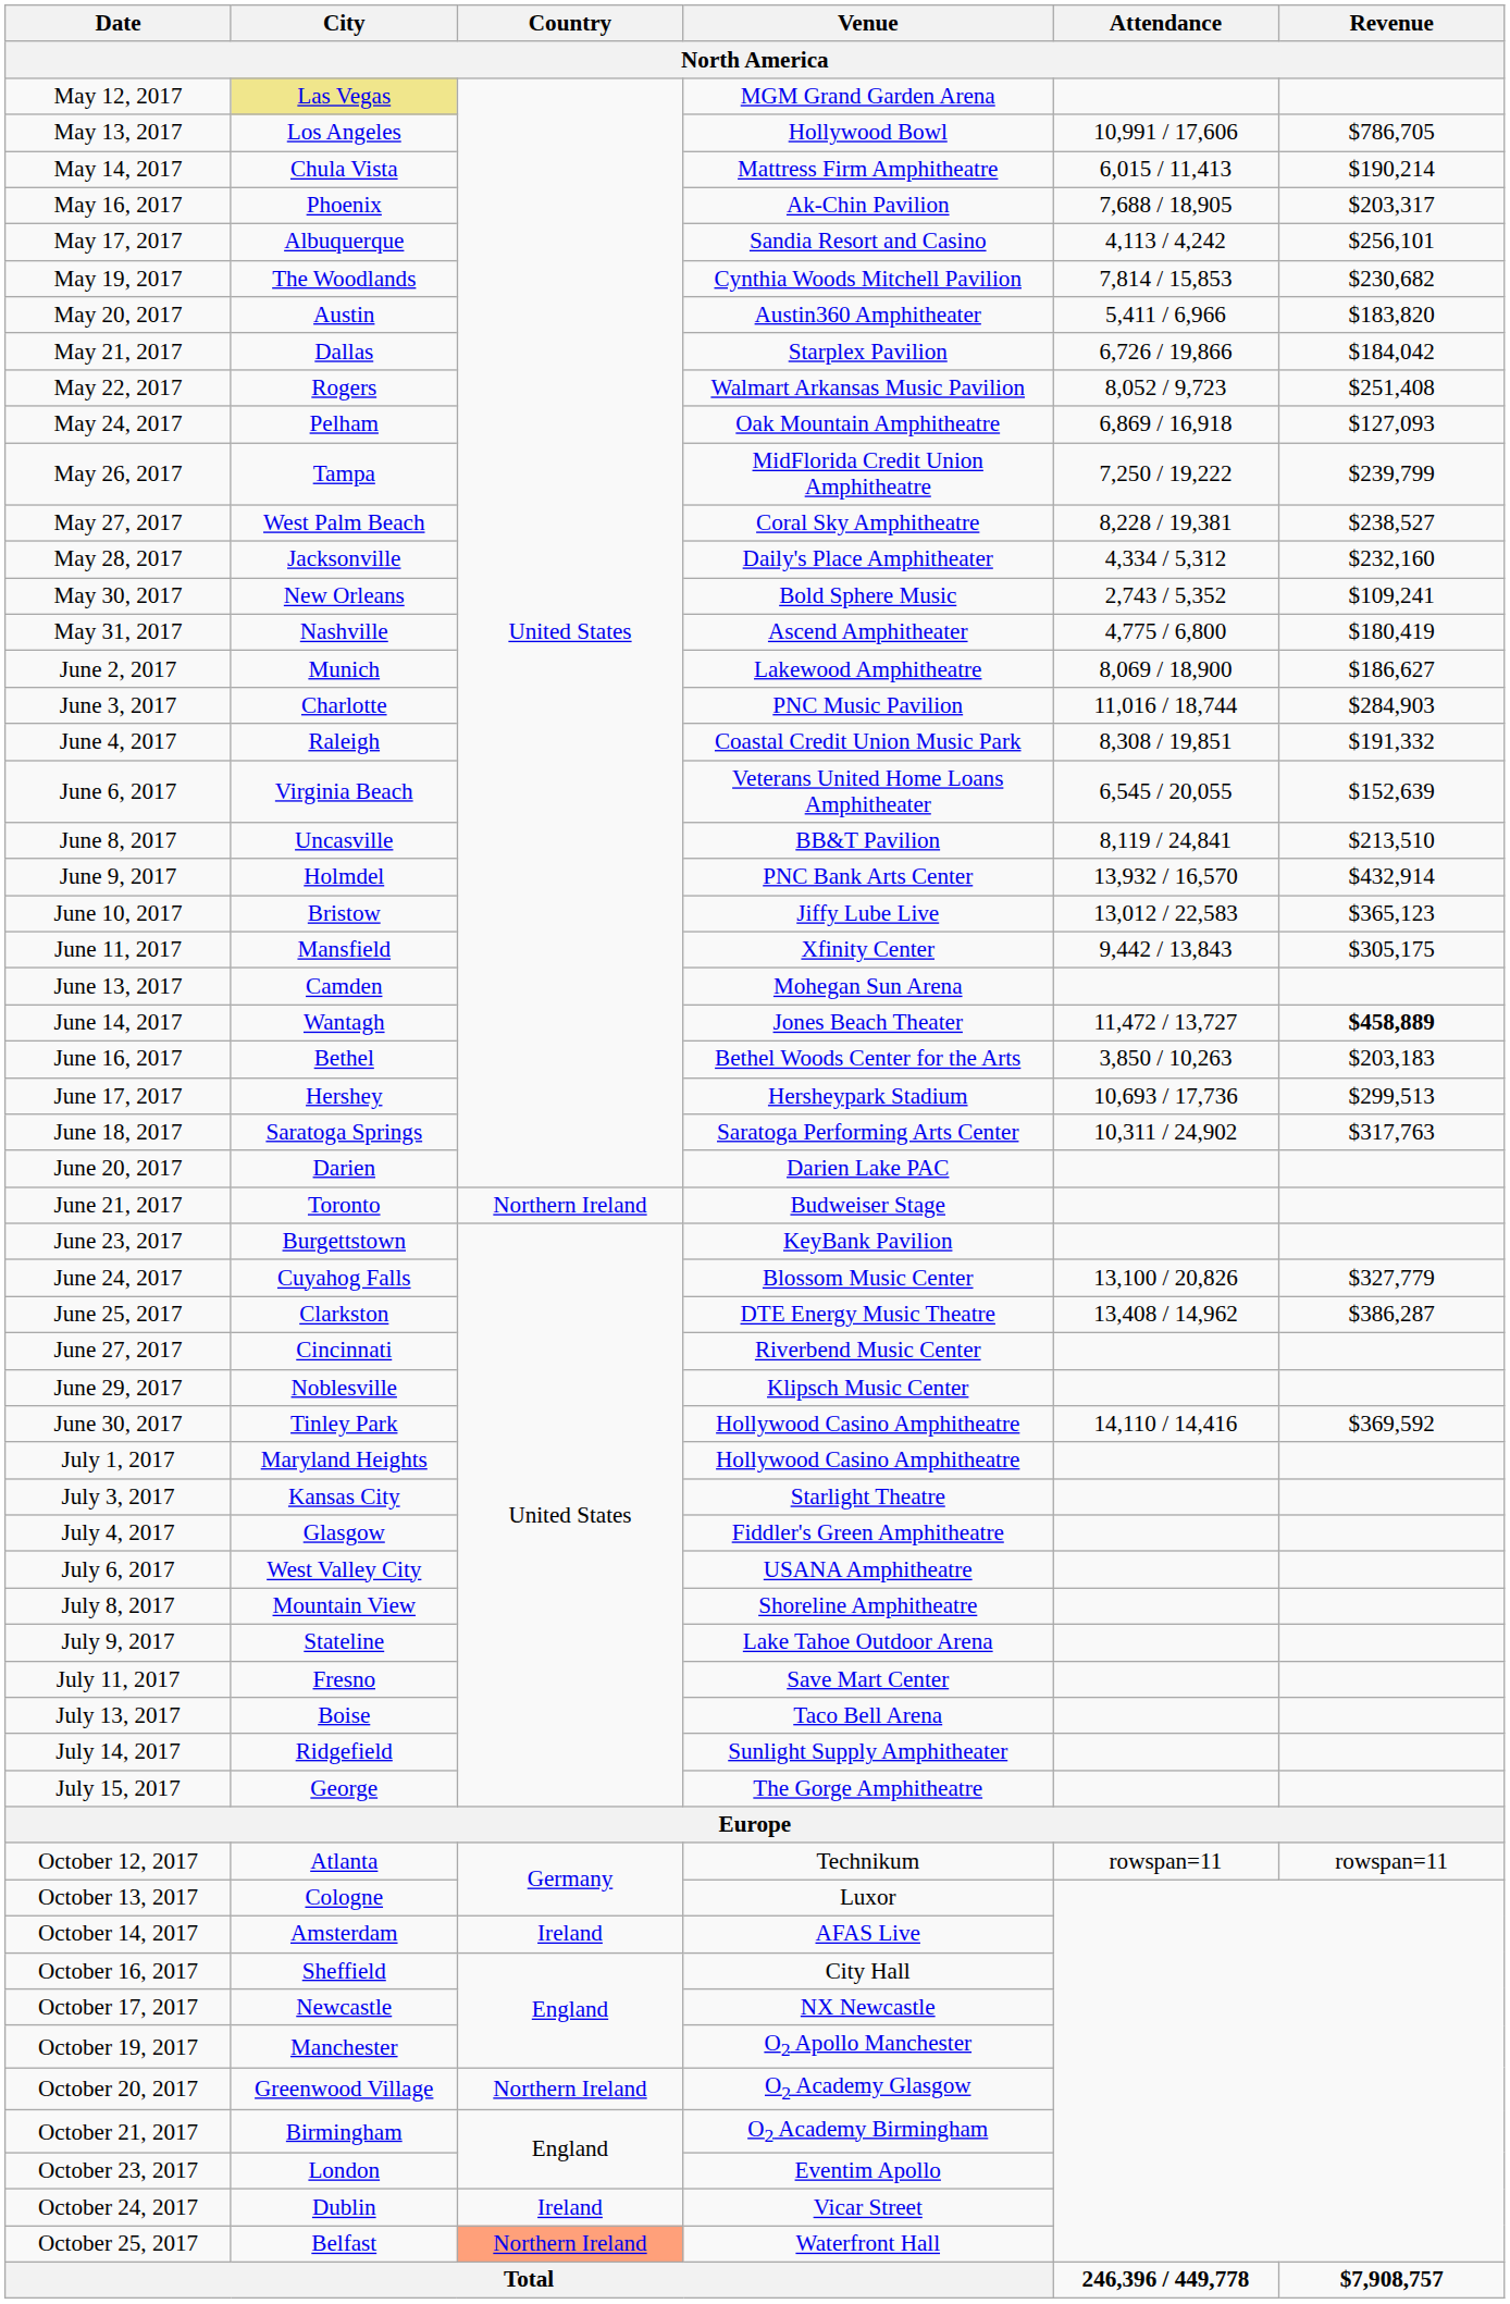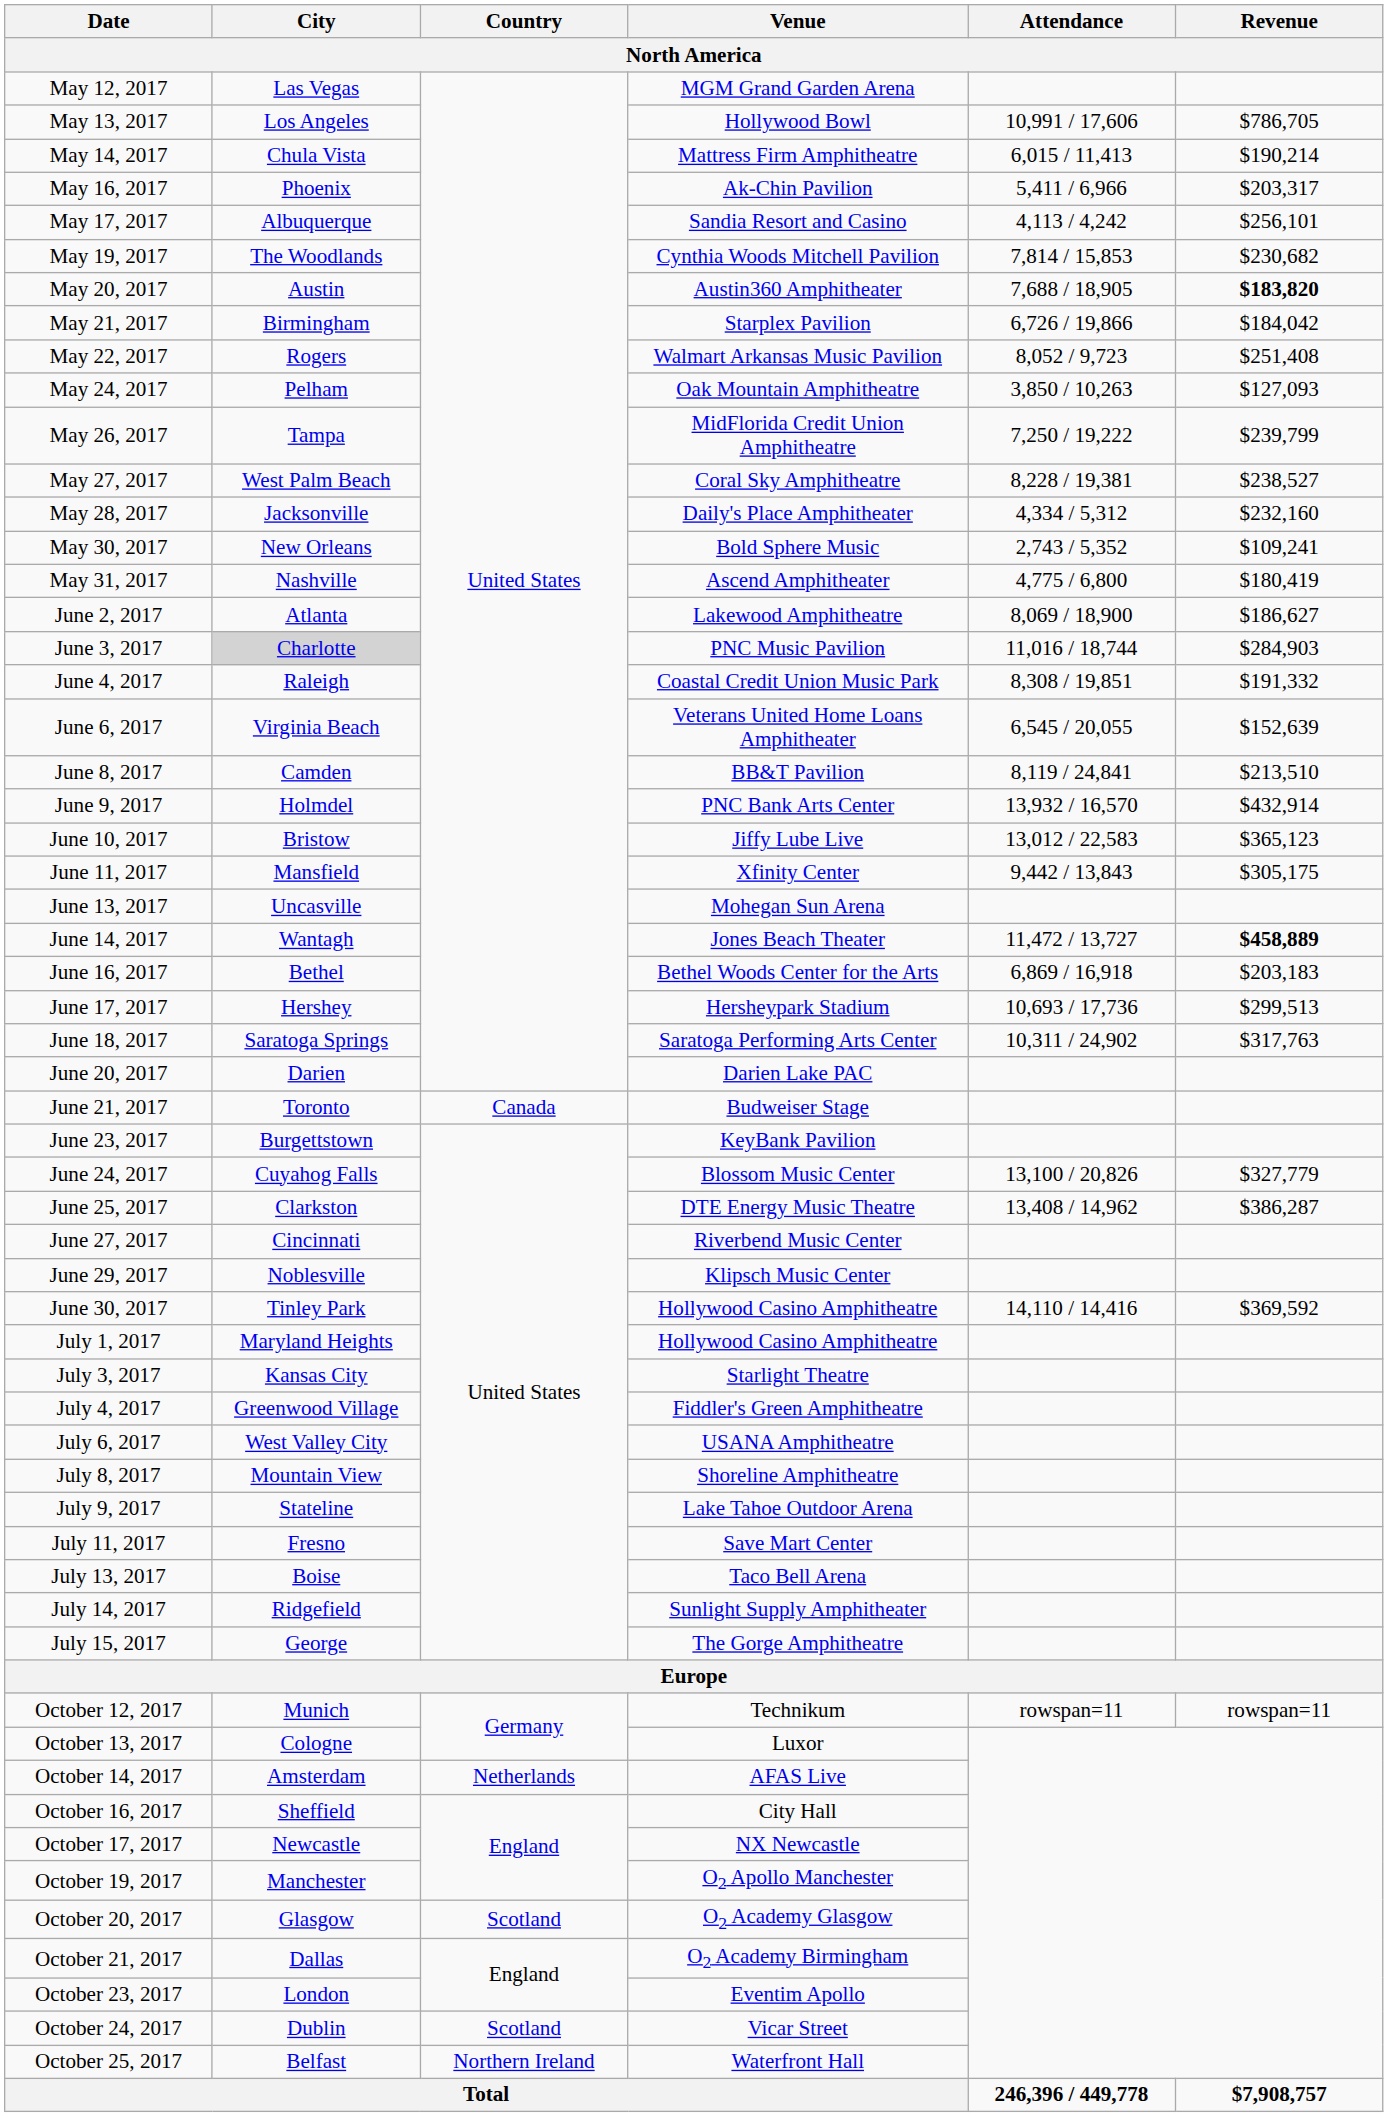 <table class="wikitable" style="text-align:center">
 <tr>
 <th style="width:150px;">Date</th>
 <th style="width:150px;">City</th>
 <th style="width:150px;">Country</th>
 <th style="width:250px;">Venue</th>
 <th style="width:150px;">Attendance</th>
 <th style="width:150px;">Revenue</th>
 </tr>
 <tr>
 <th colspan="6">North America</th>
 </tr>
 <tr>
 <td>May 12, 2017</td>
-<td style="background: khaki;"><a href='#'>Las Vegas</a></td>
+<td><a href='#'>Las Vegas</a></td>
 <td rowspan="29"><a href='#'>United States</a></td>
 <td><a href='#'>MGM Grand Garden Arena</a></td>
 <td></td>
 <td></td>
 </tr>
 <tr>
 <td>May 13, 2017</td>
 <td><a href='#'>Los Angeles</a></td>
 <td><a href='#'>Hollywood Bowl</a></td>
 <td>10,991 / 17,606</td>
 <td>$786,705</td>
 </tr>
 <tr>
 <td>May 14, 2017</td>
 <td><a href='#'>Chula Vista</a></td>
 <td><a href='#'>Mattress Firm Amphitheatre</a></td>
 <td>6,015 / 11,413</td>
 <td>$190,214</td>
 </tr>
 <tr>
 <td>May 16, 2017</td>
 <td><a href='#'>Phoenix</a></td>
 <td><a href='#'>Ak-Chin Pavilion</a></td>
-<td>7,688 / 18,905</td>
+<td>5,411 / 6,966</td>
 <td>$203,317</td>
 </tr>
 <tr>
 <td>May 17, 2017</td>
 <td><a href='#'>Albuquerque</a></td>
 <td><a href='#'>Sandia Resort and Casino</a></td>
 <td>4,113 / 4,242</td>
 <td>$256,101</td>
 </tr>
 <tr>
 <td>May 19, 2017</td>
 <td><a href='#'>The Woodlands</a></td>
 <td><a href='#'>Cynthia Woods Mitchell Pavilion</a></td>
 <td>7,814 / 15,853</td>
 <td>$230,682</td>
 </tr>
 <tr>
 <td>May 20, 2017</td>
 <td><a href='#'>Austin</a></td>
 <td><a href='#'>Austin360 Amphitheater</a></td>
-<td>5,411 / 6,966</td>
-<td>$183,820</td>
+<td>7,688 / 18,905</td>
+<td><strong>$183,820</strong></td>
 </tr>
 <tr>
 <td>May 21, 2017</td>
-<td><a href='#'>Dallas</a></td>
+<td><a href='#'>Birmingham</a></td>
 <td><a href='#'>Starplex Pavilion</a></td>
 <td>6,726 / 19,866</td>
 <td>$184,042</td>
 </tr>
 <tr>
 <td>May 22, 2017</td>
 <td><a href='#'>Rogers</a></td>
 <td><a href='#'>Walmart Arkansas Music Pavilion</a></td>
 <td>8,052 / 9,723</td>
 <td>$251,408</td>
 </tr>
 <tr>
 <td>May 24, 2017</td>
 <td><a href='#'>Pelham</a></td>
 <td><a href='#'>Oak Mountain Amphitheatre</a></td>
-<td>6,869 / 16,918</td>
+<td>3,850 / 10,263</td>
 <td>$127,093</td>
 </tr>
 <tr>
 <td>May 26, 2017</td>
 <td><a href='#'>Tampa</a></td>
 <td><a href='#'>MidFlorida Credit Union Amphitheatre</a></td>
 <td>7,250 / 19,222</td>
 <td>$239,799</td>
 </tr>
 <tr>
 <td>May 27, 2017</td>
 <td><a href='#'>West Palm Beach</a></td>
 <td><a href='#'>Coral Sky Amphitheatre</a></td>
 <td>8,228 / 19,381</td>
 <td>$238,527</td>
 </tr>
 <tr>
 <td>May 28, 2017</td>
 <td><a href='#'>Jacksonville</a></td>
 <td><a href='#'>Daily's Place Amphitheater</a></td>
 <td>4,334 / 5,312</td>
 <td>$232,160</td>
 </tr>
 <tr>
 <td>May 30, 2017</td>
 <td><a href='#'>New Orleans</a></td>
 <td><a href='#'>Bold Sphere Music</a></td>
 <td>2,743 / 5,352</td>
 <td>$109,241</td>
 </tr>
 <tr>
 <td>May 31, 2017</td>
 <td><a href='#'>Nashville</a></td>
 <td><a href='#'>Ascend Amphitheater</a></td>
 <td>4,775 / 6,800</td>
 <td>$180,419</td>
 </tr>
 <tr>
 <td>June 2, 2017</td>
-<td><a href='#'>Munich</a></td>
+<td><a href='#'>Atlanta</a></td>
 <td><a href='#'>Lakewood Amphitheatre</a></td>
 <td>8,069 / 18,900</td>
 <td>$186,627</td>
 </tr>
 <tr>
 <td>June 3, 2017</td>
-<td><a href='#'>Charlotte</a></td>
+<td style="background: lightgrey;"><a href='#'>Charlotte</a></td>
 <td><a href='#'>PNC Music Pavilion</a></td>
 <td>11,016 / 18,744</td>
 <td>$284,903</td>
 </tr>
 <tr>
 <td>June 4, 2017</td>
 <td><a href='#'>Raleigh</a></td>
 <td><a href='#'>Coastal Credit Union Music Park</a></td>
 <td>8,308 / 19,851</td>
 <td>$191,332</td>
 </tr>
 <tr>
 <td>June 6, 2017</td>
 <td><a href='#'>Virginia Beach</a></td>
 <td><a href='#'>Veterans United Home Loans Amphitheater</a></td>
 <td>6,545 / 20,055</td>
 <td>$152,639</td>
 </tr>
 <tr>
 <td>June 8, 2017</td>
-<td><a href='#'>Uncasville</a></td>
+<td><a href='#'>Camden</a></td>
 <td><a href='#'>BB&T Pavilion</a></td>
 <td>8,119 / 24,841</td>
 <td>$213,510</td>
 </tr>
 <tr>
 <td>June 9, 2017</td>
 <td><a href='#'>Holmdel</a></td>
 <td><a href='#'>PNC Bank Arts Center</a></td>
 <td>13,932 / 16,570</td>
 <td>$432,914</td>
 </tr>
 <tr>
 <td>June 10, 2017</td>
 <td><a href='#'>Bristow</a></td>
 <td><a href='#'>Jiffy Lube Live</a></td>
 <td>13,012 / 22,583</td>
 <td>$365,123</td>
 </tr>
 <tr>
 <td>June 11, 2017</td>
 <td><a href='#'>Mansfield</a></td>
 <td><a href='#'>Xfinity Center</a></td>
 <td>9,442 / 13,843</td>
 <td>$305,175</td>
 </tr>
 <tr>
 <td>June 13, 2017</td>
-<td><a href='#'>Camden</a></td>
+<td><a href='#'>Uncasville</a></td>
 <td><a href='#'>Mohegan Sun Arena</a></td>
 <td></td>
 <td></td>
 </tr>
 <tr>
 <td>June 14, 2017</td>
 <td><a href='#'>Wantagh</a></td>
 <td><a href='#'>Jones Beach Theater</a></td>
 <td>11,472 / 13,727</td>
 <td><strong>$458,889</strong></td>
 </tr>
 <tr>
 <td>June 16, 2017</td>
 <td><a href='#'>Bethel</a></td>
 <td><a href='#'>Bethel Woods Center for the Arts</a></td>
-<td>3,850 / 10,263</td>
+<td>6,869 / 16,918</td>
 <td>$203,183</td>
 </tr>
 <tr>
 <td>June 17, 2017</td>
 <td><a href='#'>Hershey</a></td>
 <td><a href='#'>Hersheypark Stadium</a></td>
 <td>10,693 / 17,736</td>
 <td>$299,513</td>
 </tr>
 <tr>
 <td>June 18, 2017</td>
 <td><a href='#'>Saratoga Springs</a></td>
 <td><a href='#'>Saratoga Performing Arts Center</a></td>
 <td>10,311 / 24,902</td>
 <td>$317,763</td>
 </tr>
 <tr>
 <td>June 20, 2017</td>
 <td><a href='#'>Darien</a></td>
 <td><a href='#'>Darien Lake PAC</a></td>
 <td></td>
 <td></td>
 </tr>
 <tr>
 <td>June 21, 2017</td>
 <td><a href='#'>Toronto</a></td>
-<td><a href='#'>Northern Ireland</a></td>
+<td><a href='#'>Canada</a></td>
 <td><a href='#'>Budweiser Stage</a></td>
 <td></td>
 <td></td>
 </tr>
 <tr>
 <td>June 23, 2017</td>
 <td><a href='#'>Burgettstown</a></td>
 <td rowspan="16">United States</td>
 <td><a href='#'>KeyBank Pavilion</a></td>
 <td></td>
 <td></td>
 </tr>
 <tr>
 <td>June 24, 2017</td>
 <td><a href='#'>Cuyahog Falls</a></td>
 <td><a href='#'>Blossom Music Center</a></td>
 <td>13,100 / 20,826</td>
 <td>$327,779</td>
 </tr>
 <tr>
 <td>June 25, 2017</td>
 <td><a href='#'>Clarkston</a></td>
 <td><a href='#'>DTE Energy Music Theatre</a></td>
 <td>13,408 / 14,962</td>
 <td>$386,287</td>
 </tr>
 <tr>
 <td>June 27, 2017</td>
 <td><a href='#'>Cincinnati</a></td>
 <td><a href='#'>Riverbend Music Center</a></td>
 <td></td>
 <td></td>
 </tr>
 <tr>
 <td>June 29, 2017</td>
 <td><a href='#'>Noblesville</a></td>
 <td><a href='#'>Klipsch Music Center</a></td>
 <td></td>
 <td></td>
 </tr>
 <tr>
 <td>June 30, 2017</td>
 <td><a href='#'>Tinley Park</a></td>
 <td><a href='#'>Hollywood Casino Amphitheatre</a></td>
 <td>14,110 / 14,416</td>
 <td>$369,592</td>
 </tr>
 <tr>
 <td>July 1, 2017</td>
 <td><a href='#'>Maryland Heights</a></td>
 <td><a href='#'>Hollywood Casino Amphitheatre</a></td>
 <td></td>
 <td></td>
 </tr>
 <tr>
 <td>July 3, 2017</td>
 <td><a href='#'>Kansas City</a></td>
 <td><a href='#'>Starlight Theatre</a></td>
 <td></td>
 <td></td>
 </tr>
 <tr>
 <td>July 4, 2017</td>
-<td><a href='#'>Glasgow</a></td>
+<td><a href='#'>Greenwood Village</a></td>
 <td><a href='#'>Fiddler's Green Amphitheatre</a></td>
 <td></td>
 <td></td>
 </tr>
 <tr>
 <td>July 6, 2017</td>
 <td><a href='#'>West Valley City</a></td>
 <td><a href='#'>USANA Amphitheatre</a></td>
 <td></td>
 <td></td>
 </tr>
 <tr>
 <td>July 8, 2017</td>
 <td><a href='#'>Mountain View</a></td>
 <td><a href='#'>Shoreline Amphitheatre</a></td>
 <td></td>
 <td></td>
 </tr>
 <tr>
 <td>July 9, 2017</td>
 <td><a href='#'>Stateline</a></td>
 <td><a href='#'>Lake Tahoe Outdoor Arena</a></td>
 <td></td>
 <td></td>
 </tr>
 <tr>
 <td>July 11, 2017</td>
 <td><a href='#'>Fresno</a></td>
 <td><a href='#'>Save Mart Center</a></td>
 <td></td>
 <td></td>
 </tr>
 <tr>
 <td>July 13, 2017</td>
 <td><a href='#'>Boise</a></td>
 <td><a href='#'>Taco Bell Arena</a></td>
 <td></td>
 <td></td>
 </tr>
 <tr>
 <td>July 14, 2017</td>
 <td><a href='#'>Ridgefield</a></td>
 <td><a href='#'>Sunlight Supply Amphitheater</a></td>
 <td></td>
 <td></td>
 </tr>
 <tr>
 <td>July 15, 2017</td>
 <td><a href='#'>George</a></td>
 <td><a href='#'>The Gorge Amphitheatre</a></td>
 <td></td>
 <td></td>
 </tr>
 <tr>
 <th colspan="6">Europe</th>
 </tr>
 <tr>
 <td>October 12, 2017</td>
-<td><a href='#'>Atlanta</a></td>
+<td><a href='#'>Munich</a></td>
 <td rowspan="2"><a href='#'>Germany</a></td>
 <td>Technikum</td>
 <td>rowspan=11 </td>
 <td>rowspan=11 </td>
 </tr>
 <tr>
 <td>October 13, 2017</td>
 <td><a href='#'>Cologne</a></td>
 <td>Luxor</td>
 </tr>
 <tr>
 <td>October 14, 2017</td>
 <td><a href='#'>Amsterdam</a></td>
-<td><a href='#'>Ireland</a></td>
+<td><a href='#'>Netherlands</a></td>
 <td><a href='#'>AFAS Live</a></td>
 </tr>
 <tr>
 <td>October 16, 2017</td>
 <td><a href='#'>Sheffield</a></td>
 <td rowspan="3"><a href='#'>England</a></td>
 <td>City Hall</td>
 </tr>
 <tr>
 <td>October 17, 2017</td>
 <td><a href='#'>Newcastle</a></td>
 <td><a href='#'>NX Newcastle</a></td>
 </tr>
 <tr>
 <td>October 19, 2017</td>
 <td><a href='#'>Manchester</a></td>
 <td><a href='#'>O<sub>2</sub> Apollo Manchester</a></td>
 </tr>
 <tr>
 <td>October 20, 2017</td>
-<td><a href='#'>Greenwood Village</a></td>
-<td><a href='#'>Northern Ireland</a></td>
+<td><a href='#'>Glasgow</a></td>
+<td><a href='#'>Scotland</a></td>
 <td><a href='#'>O<sub>2</sub> Academy Glasgow</a></td>
 </tr>
 <tr>
 <td>October 21, 2017</td>
-<td><a href='#'>Birmingham</a></td>
+<td><a href='#'>Dallas</a></td>
 <td rowspan="2">England</td>
 <td><a href='#'>O<sub>2</sub> Academy Birmingham</a></td>
 </tr>
 <tr>
 <td>October 23, 2017</td>
 <td><a href='#'>London</a></td>
 <td><a href='#'>Eventim Apollo</a></td>
 </tr>
 <tr>
 <td>October 24, 2017</td>
 <td><a href='#'>Dublin</a></td>
-<td><a href='#'>Ireland</a></td>
+<td><a href='#'>Scotland</a></td>
 <td><a href='#'>Vicar Street</a></td>
 </tr>
 <tr>
 <td>October 25, 2017</td>
 <td><a href='#'>Belfast</a></td>
-<td style="background: lightsalmon;"><a href='#'>Northern Ireland</a></td>
+<td><a href='#'>Northern Ireland</a></td>
 <td><a href='#'>Waterfront Hall</a></td>
 </tr>
 <tr>
 <th colspan="4">Total</th>
 <td><strong>246,396 / 449,778</strong></td>
 <td><strong>$7,908,757</strong></td>
 </tr>
 </table>
